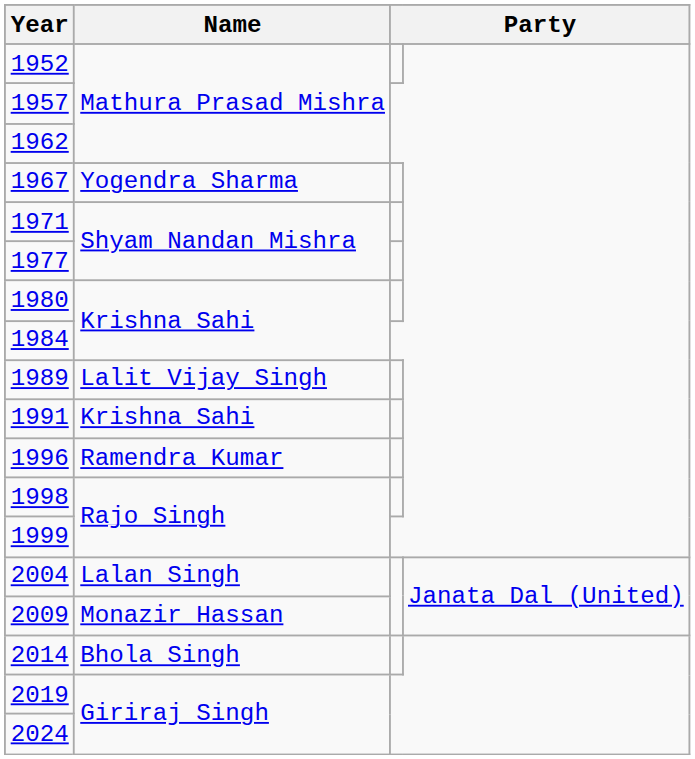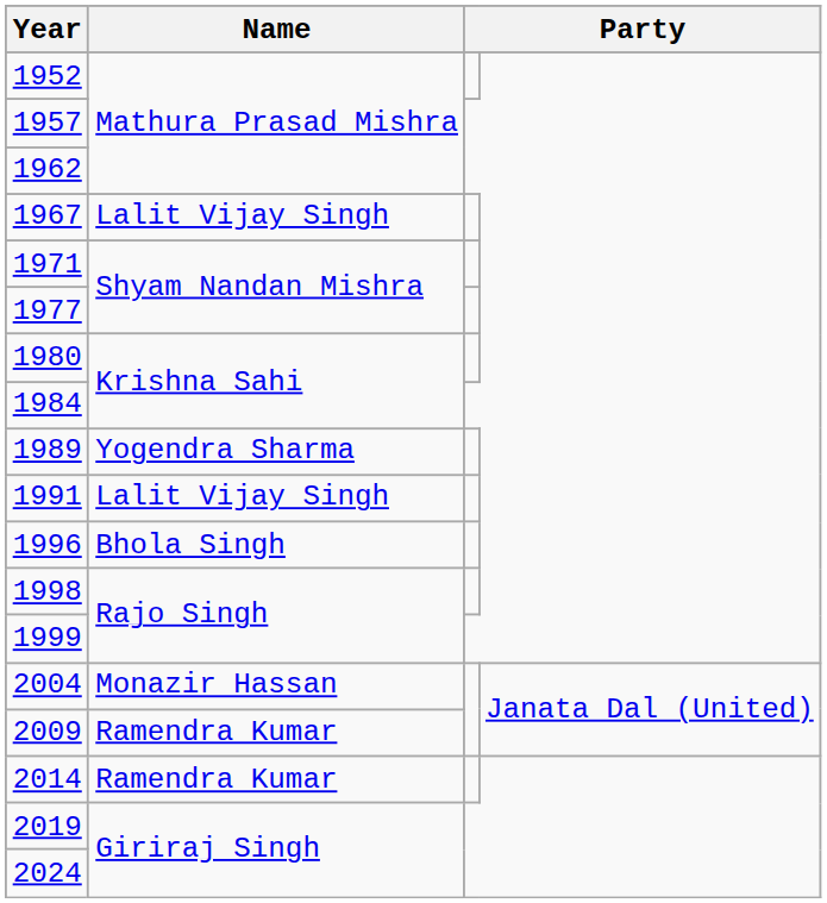 <table class="wikitable">
 <tr>
 <th>Year</th>
 <th>Name</th>
 <th colspan="2">Party</th>
 </tr>
 <tr>
 <td><a href='#'>1952</a></td>
 <td rowspan="3"><a href='#'>Mathura Prasad Mishra</a></td>
 <td></td>
 </tr>
 <tr>
 <td><a href='#'>1957</a></td>
 </tr>
 <tr>
 <td><a href='#'>1962</a></td>
 </tr>
 <tr>
 <td><a href='#'>1967</a></td>
-<td><a href='#'>Yogendra Sharma</a></td>
+<td><a href='#'>Lalit Vijay Singh</a></td>
 <td></td>
 </tr>
 <tr>
 <td><a href='#'>1971</a></td>
 <td rowspan="2"><a href='#'>Shyam Nandan Mishra</a></td>
 <td></td>
 </tr>
 <tr>
 <td><a href='#'>1977</a></td>
 <td></td>
 </tr>
 <tr>
 <td><a href='#'>1980</a></td>
 <td rowspan="2"><a href='#'>Krishna Sahi</a></td>
 <td></td>
 </tr>
 <tr>
 <td><a href='#'>1984</a></td>
 </tr>
 <tr>
 <td><a href='#'>1989</a></td>
+<td><a href='#'>Yogendra Sharma</a></td>
+<td></td>
+</tr>
+<tr>
+<td><a href='#'>1991</a></td>
 <td><a href='#'>Lalit Vijay Singh</a></td>
 <td></td>
 </tr>
 <tr>
-<td><a href='#'>1991</a></td>
-<td><a href='#'>Krishna Sahi</a></td>
-<td></td>
-</tr>
-<tr>
 <td><a href='#'>1996</a></td>
-<td><a href='#'>Ramendra Kumar</a></td>
+<td><a href='#'>Bhola Singh</a></td>
 <td></td>
 </tr>
 <tr>
 <td><a href='#'>1998</a></td>
 <td rowspan="2"><a href='#'>Rajo Singh</a></td>
 <td></td>
 </tr>
 <tr>
 <td><a href='#'>1999</a></td>
 </tr>
 <tr>
 <td><a href='#'>2004</a></td>
-<td><a href='#'>Lalan Singh</a></td>
+<td><a href='#'>Monazir Hassan</a></td>
 <td ROWSPAN="2" style="background-color: "></td>
 <td rowspan="2"><a href='#'>Janata Dal (United)</a></td>
 </tr>
 <tr>
 <td><a href='#'>2009</a></td>
-<td><a href='#'>Monazir Hassan</a></td>
+<td><a href='#'>Ramendra Kumar</a></td>
 </tr>
 <tr>
 <td><a href='#'>2014</a></td>
-<td><a href='#'>Bhola Singh</a></td>
+<td><a href='#'>Ramendra Kumar</a></td>
 <td></td>
 </tr>
 <tr>
 <td><a href='#'>2019</a></td>
 <td rowspan="2"><a href='#'>Giriraj Singh</a></td>
 </tr>
 <tr>
 <td><a href='#'>2024</a></td>
 </tr>
 </table>
